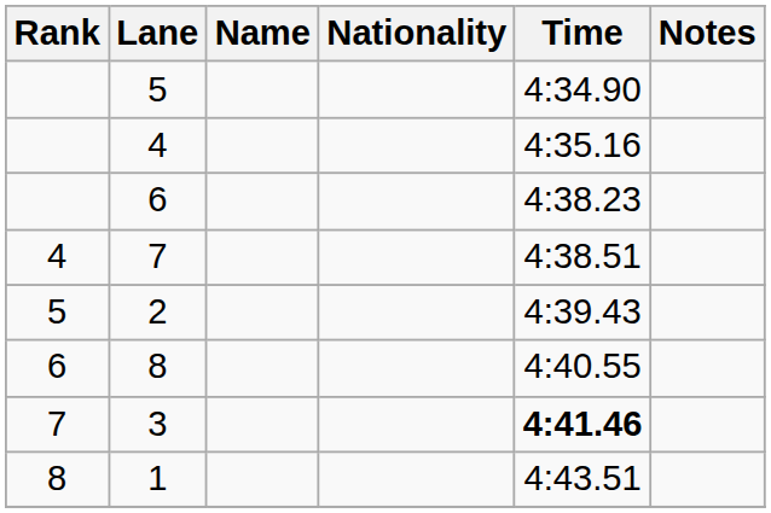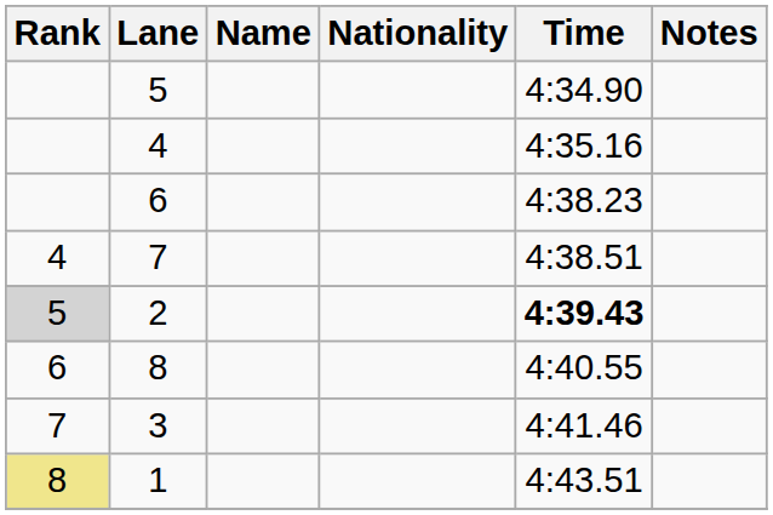 <table class="wikitable sortable" style="text-align:center">
 <tr>
 <th>Rank</th>
 <th>Lane</th>
 <th>Name</th>
 <th>Nationality</th>
 <th>Time</th>
 <th>Notes</th>
 </tr>
 <tr>
 <td></td>
 <td>5</td>
 <td align="left"></td>
 <td align="left"></td>
 <td>4:34.90</td>
 <td></td>
 </tr>
 <tr>
 <td></td>
 <td>4</td>
 <td align="left"></td>
 <td align="left"></td>
 <td>4:35.16</td>
 <td></td>
 </tr>
 <tr>
 <td></td>
 <td>6</td>
 <td align="left"></td>
 <td align="left"></td>
 <td>4:38.23</td>
 <td></td>
 </tr>
 <tr>
 <td>4</td>
 <td>7</td>
 <td align="left"></td>
 <td align="left"></td>
 <td>4:38.51</td>
 <td></td>
 </tr>
 <tr>
-<td>5</td>
+<td style="background: lightgrey;">5</td>
 <td>2</td>
 <td align="left"></td>
 <td align="left"></td>
-<td>4:39.43</td>
+<td><strong>4:39.43</strong></td>
 <td></td>
 </tr>
 <tr>
 <td>6</td>
 <td>8</td>
 <td align="left"></td>
 <td align="left"></td>
 <td>4:40.55</td>
 <td></td>
 </tr>
 <tr>
 <td>7</td>
 <td>3</td>
 <td align="left"></td>
 <td align="left"></td>
-<td><strong>4:41.46</strong></td>
+<td>4:41.46</td>
 <td></td>
 </tr>
 <tr>
-<td>8</td>
+<td style="background: khaki;">8</td>
 <td>1</td>
 <td align="left"></td>
 <td align="left"></td>
 <td>4:43.51</td>
 <td></td>
 </tr>
 <tr>
 </tr>
 </table>
